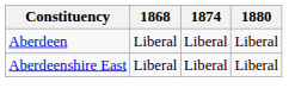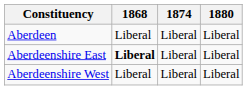 <table class="wikitable">
 <tr>
 <th>Constituency</th>
 <th>1868</th>
 <th>1874</th>
 <th>1880</th>
 </tr>
 <tr>
 <td><a href='#'>Aberdeen</a></td>
 <td>Liberal</td>
 <td>Liberal</td>
 <td>Liberal</td>
 </tr>
 <tr>
 <td><a href='#'>Aberdeenshire East</a></td>
+<td><strong>Liberal</strong></td>
+<td>Liberal</td>
+<td>Liberal</td>
+</tr>
+<tr>
+<td><a href='#'>Aberdeenshire West</a></td>
 <td>Liberal</td>
 <td>Liberal</td>
 <td>Liberal</td>
 </tr>
 </table>
